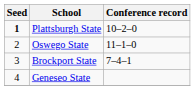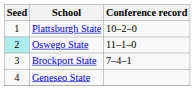 <table class="wikitable">
 <tr>
 <th>Seed</th>
 <th>School</th>
 <th>Conference record</th>
 </tr>
 <tr>
-<td align=center><strong>1</strong></td>
+<td align=center>1</td>
 <td><a href='#'>Plattsburgh State</a></td>
 <td>10–2–0</td>
 </tr>
 <tr>
-<td align=center>2</td>
+<td align=center style="background: paleturquoise;">2</td>
 <td><a href='#'>Oswego State</a></td>
 <td>11–1–0</td>
 </tr>
 <tr>
 <td align=center>3</td>
 <td><a href='#'>Brockport State</a></td>
 <td>7–4–1</td>
 </tr>
 <tr>
 <td align=center>4</td>
 <td><a href='#'>Geneseo State</a></td>
 <td></td>
 </tr>
 <tr>
 </tr>
 </table>
